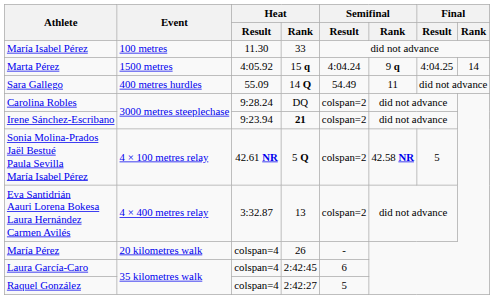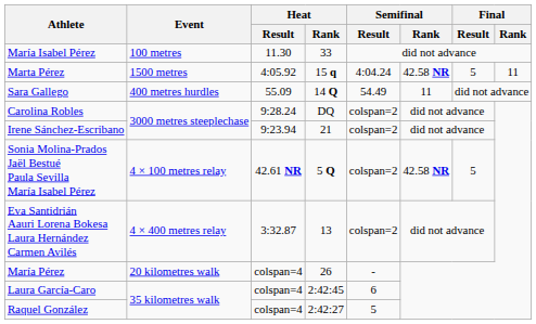 <table class="wikitable"  style="font-size:90%">
 <tr>
 <th rowspan="2">Athlete</th>
 <th rowspan="2">Event</th>
 <th colspan="2">Heat</th>
 <th colspan="2">Semifinal</th>
 <th colspan="2">Final</th>
 </tr>
 <tr>
 <th>Result</th>
 <th>Rank</th>
 <th>Result</th>
 <th>Rank</th>
 <th>Result</th>
 <th>Rank</th>
 </tr>
 <tr style=text-align:center>
 <td style=text-align:left><a href='#'>María Isabel Pérez</a></td>
 <td style=text-align:left><a href='#'>100 metres</a></td>
 <td>11.30</td>
 <td>33</td>
 <td colspan=4>did not advance</td>
 </tr>
 <tr style=text-align:center>
 <td style=text-align:left><a href='#'>Marta Pérez</a></td>
 <td style=text-align:left><a href='#'>1500 metres</a></td>
 <td>4:05.92</td>
 <td>15 <strong>q</strong></td>
 <td>4:04.24</td>
-<td>9 <strong>q</strong></td>
-<td>4:04.25</td>
-<td>14</td>
+<td>42.58 <strong><a href='#'>NR</a></strong></td>
+<td>5</td>
+<td>11</td>
 </tr>
 <tr style=text-align:center>
 <td style=text-align:left><a href='#'>Sara Gallego</a></td>
 <td style=text-align:left><a href='#'>400 metres hurdles</a></td>
 <td>55.09</td>
 <td>14 <strong>Q</strong></td>
 <td>54.49</td>
 <td>11</td>
 <td colspan=2>did not advance</td>
 </tr>
 <tr style=text-align:center>
 <td style=text-align:left><a href='#'>Carolina Robles</a></td>
 <td style=text-align:left rowspan=2><a href='#'>3000 metres steeplechase</a></td>
 <td>9:28.24 </td>
 <td>DQ</td>
 <td>colspan=2 </td>
 <td colspan=2>did not advance</td>
 </tr>
 <tr style=text-align:center>
 <td style=text-align:left><a href='#'>Irene Sánchez-Escribano</a></td>
 <td>9:23.94 </td>
-<td><strong>21</strong></td>
+<td>21</td>
 <td>colspan=2 </td>
 <td colspan=2>did not advance</td>
 </tr>
 <tr style=text-align:center>
 <td style=text-align:left><a href='#'>Sonia Molina-Prados</a><br><a href='#'>Jaël Bestué</a><br><a href='#'>Paula Sevilla</a><br><a href='#'>María Isabel Pérez</a></td>
 <td style=text-align:left><a href='#'>4 × 100 metres relay</a></td>
 <td>42.61 <strong><a href='#'>NR</a></strong></td>
 <td>5 <strong>Q</strong></td>
 <td>colspan=2 </td>
 <td>42.58 <strong><a href='#'>NR</a></strong></td>
 <td>5</td>
 </tr>
 <tr style=text-align:center>
 <td style=text-align:left><a href='#'>Eva Santidrián</a><br><a href='#'>Aauri Lorena Bokesa</a><br><a href='#'>Laura Hernández</a><br><a href='#'>Carmen Avilés</a></td>
 <td style=text-align:left><a href='#'>4 × 400 metres relay</a></td>
 <td>3:32.87</td>
 <td>13</td>
 <td>colspan=2 </td>
 <td colspan=2>did not advance</td>
 </tr>
 <tr style=text-align:center>
 <td style=text-align:left><a href='#'>María Pérez</a></td>
 <td style=text-align:left><a href='#'>20 kilometres walk</a></td>
 <td>colspan=4 </td>
 <td>26</td>
 <td>-</td>
 </tr>
 <tr style=text-align:center>
 <td style=text-align:left><a href='#'>Laura García-Caro</a></td>
 <td style=text-align:left rowspan=2><a href='#'>35 kilometres walk</a></td>
 <td>colspan=4 </td>
 <td>2:42:45 </td>
 <td>6</td>
 </tr>
 <tr style=text-align:center>
 <td style=text-align:left><a href='#'>Raquel González</a></td>
 <td>colspan=4 </td>
 <td>2:42:27 </td>
 <td>5</td>
 </tr>
 </table>
